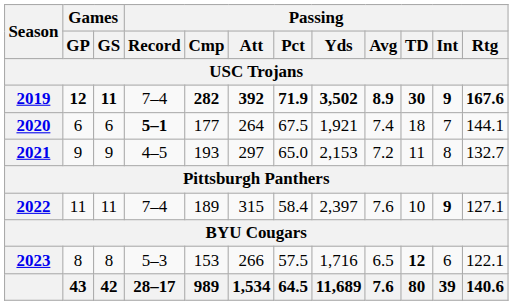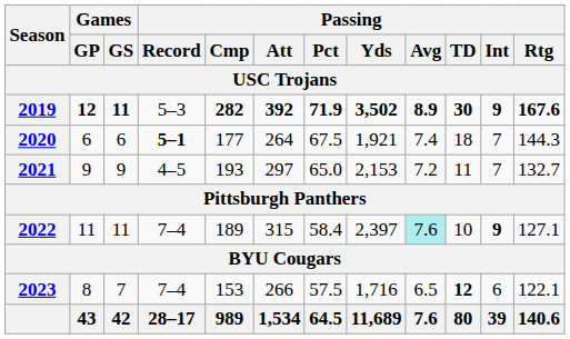 <table class=wikitable style="text-align:center;">
 <tr>
 <th rowspan="2">Season</th>
 <th colspan="2">Games</th>
 <th colspan="9">Passing</th>
 </tr>
 <tr>
 <th>GP</th>
 <th>GS</th>
 <th>Record</th>
 <th>Cmp</th>
 <th>Att</th>
 <th>Pct</th>
 <th>Yds</th>
 <th>Avg</th>
 <th>TD</th>
 <th>Int</th>
 <th>Rtg</th>
 </tr>
 <tr>
 <th colspan="14">USC Trojans</th>
 </tr>
 <tr>
 <th><a href='#'>2019</a></th>
 <td><strong>12</strong></td>
 <td><strong>11</strong></td>
-<td>7–4</td>
+<td>5–3</td>
 <td><strong>282</strong></td>
 <td><strong>392</strong></td>
 <td><strong>71.9</strong></td>
 <td><strong>3,502</strong></td>
 <td><strong>8.9</strong></td>
 <td><strong>30</strong></td>
 <td><strong>9</strong></td>
 <td><strong>167.6</strong></td>
 </tr>
 <tr>
 <th><a href='#'>2020</a></th>
 <td>6</td>
 <td>6</td>
 <td><strong>5–1</strong></td>
 <td>177</td>
 <td>264</td>
 <td>67.5</td>
 <td>1,921</td>
 <td>7.4</td>
 <td>18</td>
 <td>7</td>
-<td>144.1</td>
+<td>144.3</td>
 </tr>
 <tr>
 <th><a href='#'>2021</a></th>
 <td>9</td>
 <td>9</td>
 <td>4–5</td>
 <td>193</td>
 <td>297</td>
 <td>65.0</td>
 <td>2,153</td>
 <td>7.2</td>
 <td>11</td>
-<td>8</td>
+<td>7</td>
 <td>132.7</td>
 </tr>
 <tr>
 <th colspan="14">Pittsburgh Panthers</th>
 </tr>
 <tr>
 <th><a href='#'>2022</a></th>
 <td>11</td>
 <td>11</td>
 <td>7–4</td>
 <td>189</td>
 <td>315</td>
 <td>58.4</td>
 <td>2,397</td>
-<td>7.6</td>
+<td style="background: paleturquoise;">7.6</td>
 <td>10</td>
 <td><strong>9</strong></td>
 <td>127.1</td>
 </tr>
 <tr>
 <th colspan="14">BYU Cougars</th>
 </tr>
 <tr>
 <th><a href='#'>2023</a></th>
 <td>8</td>
-<td>8</td>
-<td>5–3</td>
+<td>7</td>
+<td>7–4</td>
 <td>153</td>
 <td>266</td>
 <td>57.5</td>
 <td>1,716</td>
 <td>6.5</td>
 <td><strong>12</strong></td>
 <td>6</td>
 <td>122.1</td>
 </tr>
 <tr>
 <th></th>
 <th>43</th>
 <th>42</th>
 <th>28–17</th>
 <th>989</th>
 <th>1,534</th>
 <th>64.5</th>
 <th>11,689</th>
 <th>7.6</th>
 <th>80</th>
 <th>39</th>
 <th>140.6</th>
 </tr>
 </table>
